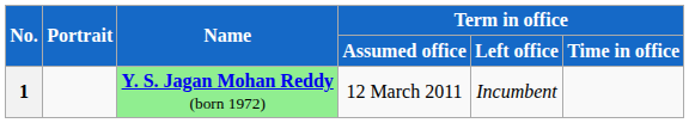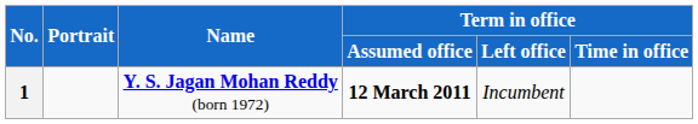 <table class="wikitable sortable" style="text-align: center;">
 <tr>
 <th rowspan ="2" style="background-color:#1569C7; color:white">No.</th>
 <th rowspan ="2" style="background-color:#1569C7; color:white">Portrait</th>
 <th rowspan ="2" style="background-color:#1569C7; color:white">Name<br></th>
 <th colspan ="3" style="background-color:#1569C7; color:white">Term in office</th>
 </tr>
 <tr>
 <th style="background-color:#1569C7; color:white">Assumed office</th>
 <th style="background-color:#1569C7; color:white">Left office</th>
 <th style="background-color:#1569C7; color:white">Time in office</th>
 </tr>
 <tr>
 <th>1</th>
 <td></td>
-<td style="background: lightgreen;"><strong><a href='#'>Y. S. Jagan Mohan Reddy</a></strong><br><small>(born 1972)</small></td>
-<td>12 March 2011</td>
+<td><strong><a href='#'>Y. S. Jagan Mohan Reddy</a></strong><br><small>(born 1972)</small></td>
+<td><strong>12 March 2011</strong></td>
 <td><em>Incumbent</em></td>
 <td></td>
 </tr>
 </table>
